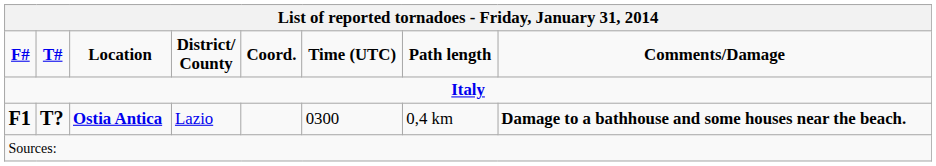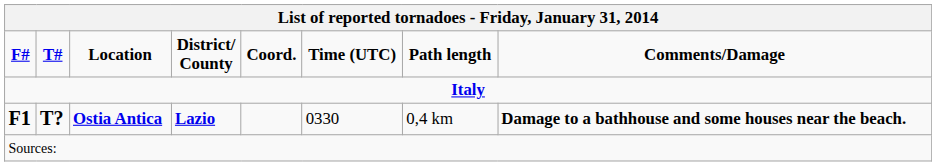 <table class="wikitable collapsible" width="100%">
 <tr>
 <th colspan="8">List of reported tornadoes - Friday, January 31, 2014</th>
 </tr>
 <tr>
 <td style="text-align: center;"><strong><a href='#'>F#</a></strong></td>
 <td style="text-align: center;"><strong><a href='#'>T#</a></strong></td>
 <td style="text-align: center;"><strong>Location</strong></td>
 <td style="text-align: center;"><strong>District/<br>County</strong></td>
 <td style="text-align: center;"><strong>Coord.</strong></td>
 <td style="text-align: center;"><strong>Time (UTC)</strong></td>
 <td style="text-align: center;"><strong>Path length</strong></td>
 <td style="text-align: center;"><strong>Comments/Damage</strong></td>
 </tr>
 <tr>
 <td colspan="8" align=center><strong><a href='#'>Italy</a></strong></td>
 </tr>
 <tr>
 <td><big><strong>F1</strong></big></td>
 <td><big><strong>T?</strong></big></td>
 <td><strong><a href='#'>Ostia Antica</a></strong></td>
-<td><a href='#'>Lazio</a></td>
+<td><strong><a href='#'>Lazio</a></strong></td>
 <td></td>
-<td>0300</td>
+<td>0330</td>
 <td>0,4 km</td>
 <td><strong>Damage to a bathhouse and some houses near the beach.</strong></td>
 </tr>
 <tr>
 <td colspan="8"><small>Sources:</small></td>
 </tr>
 </table>
